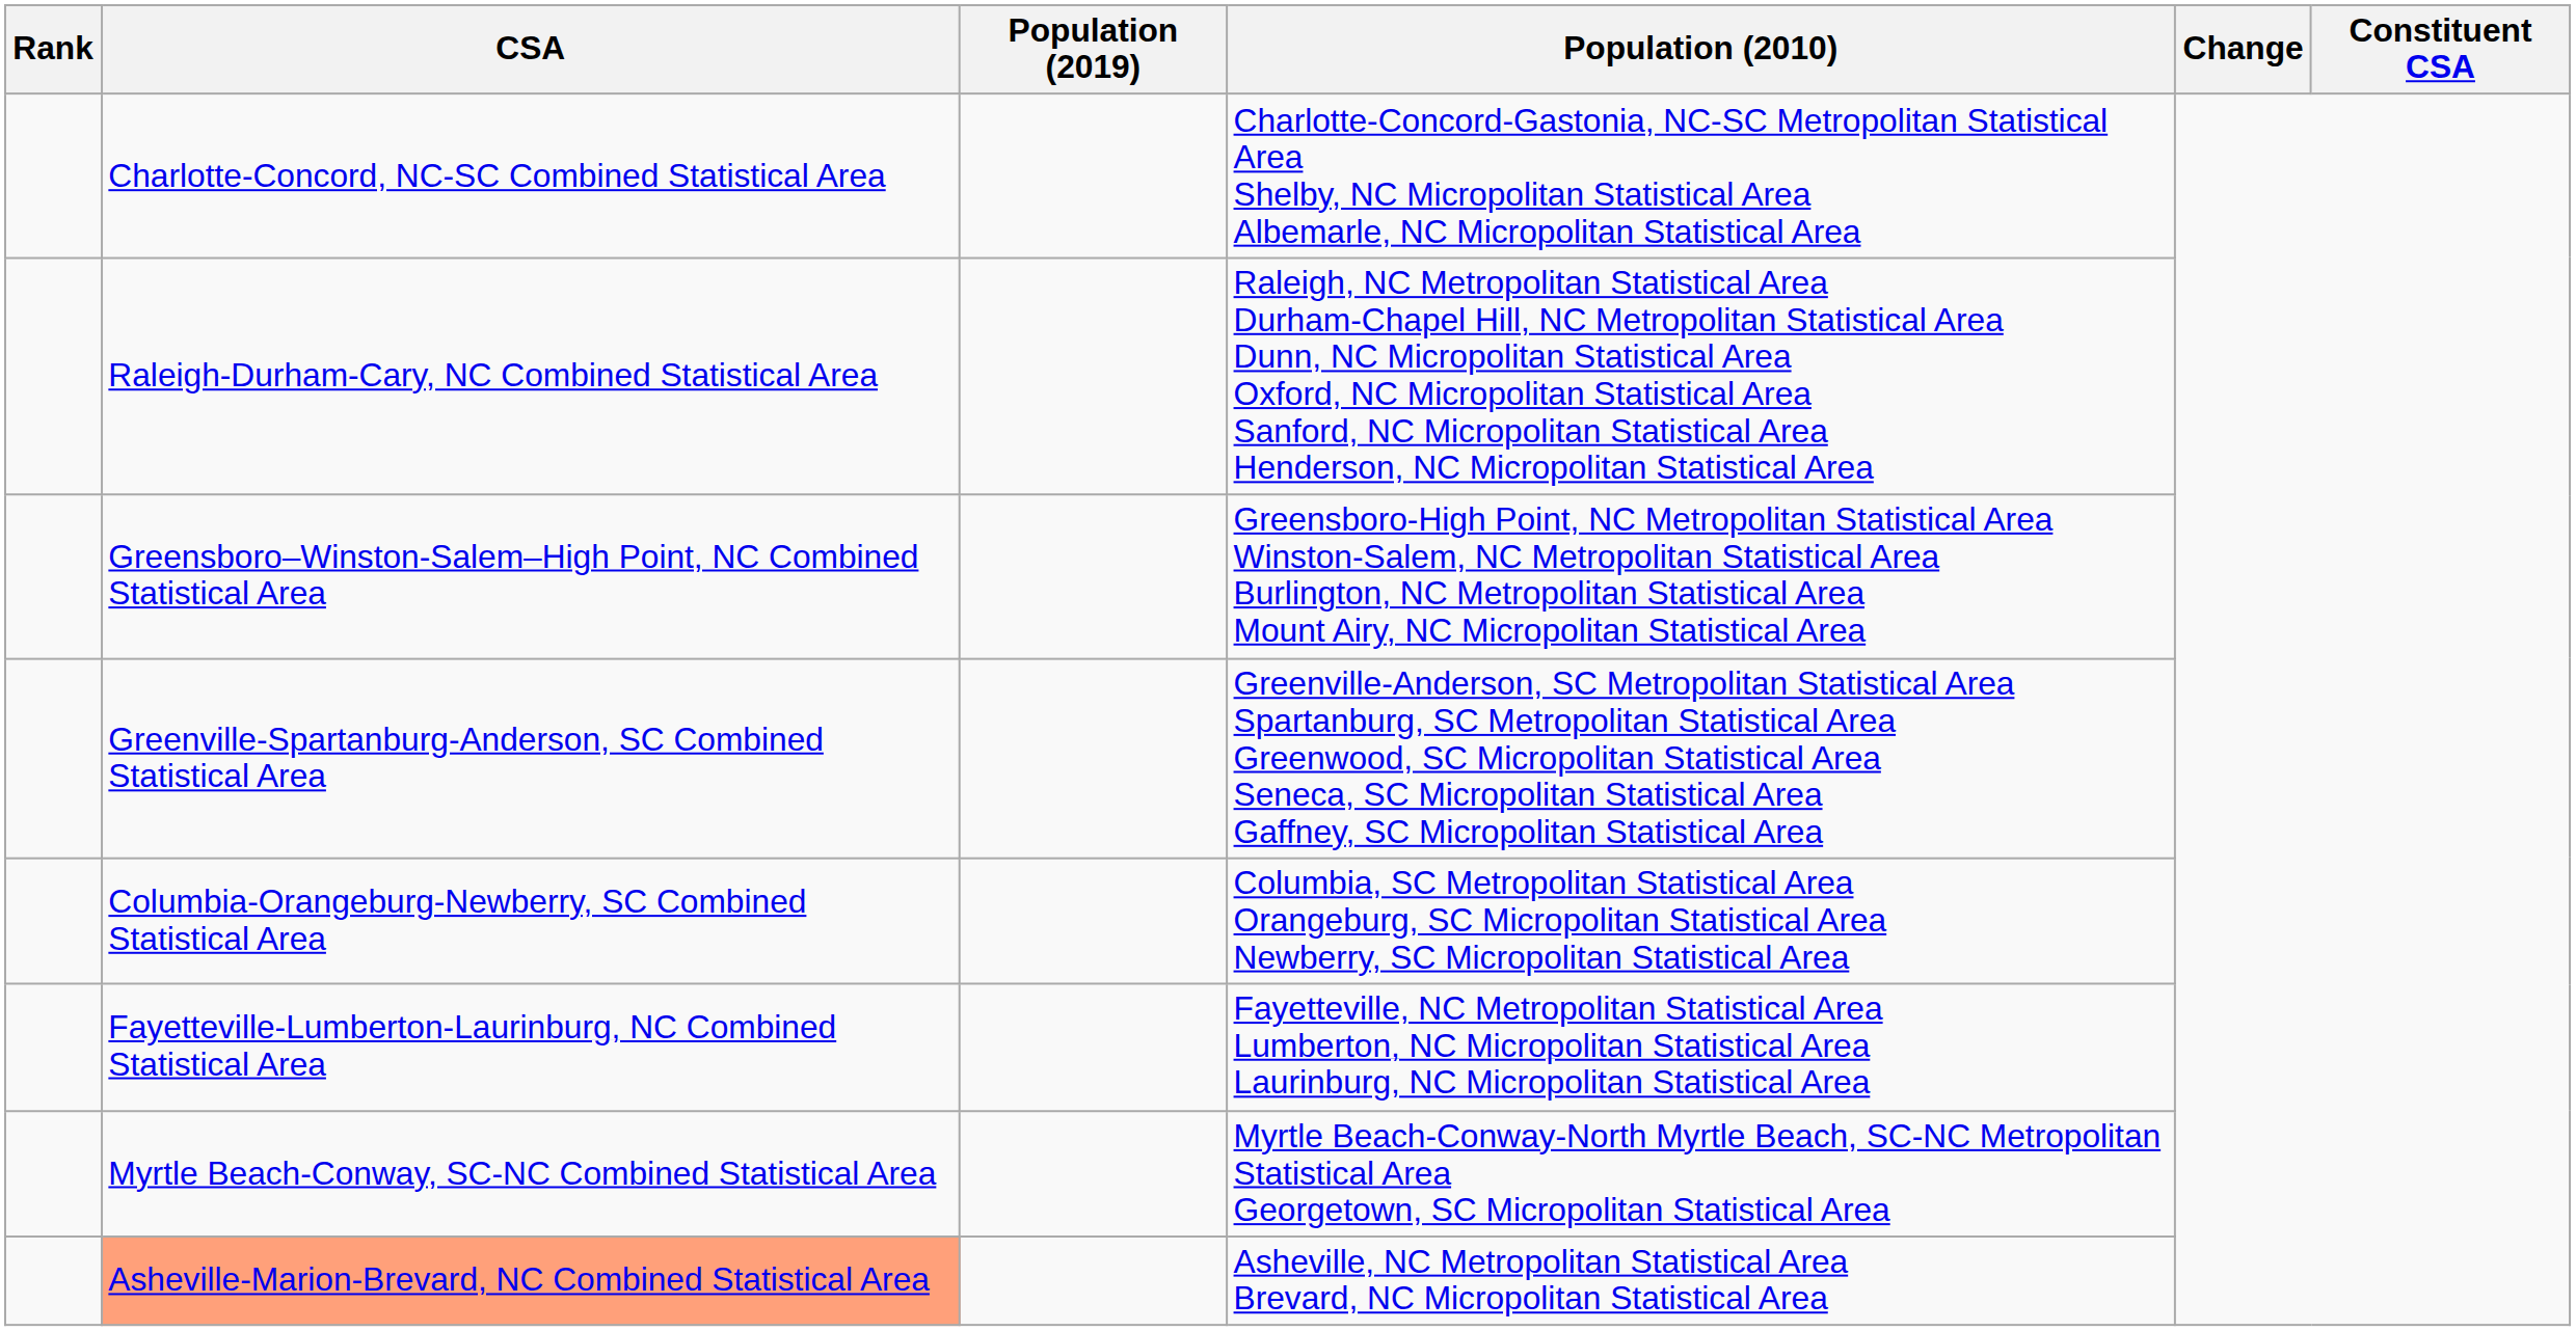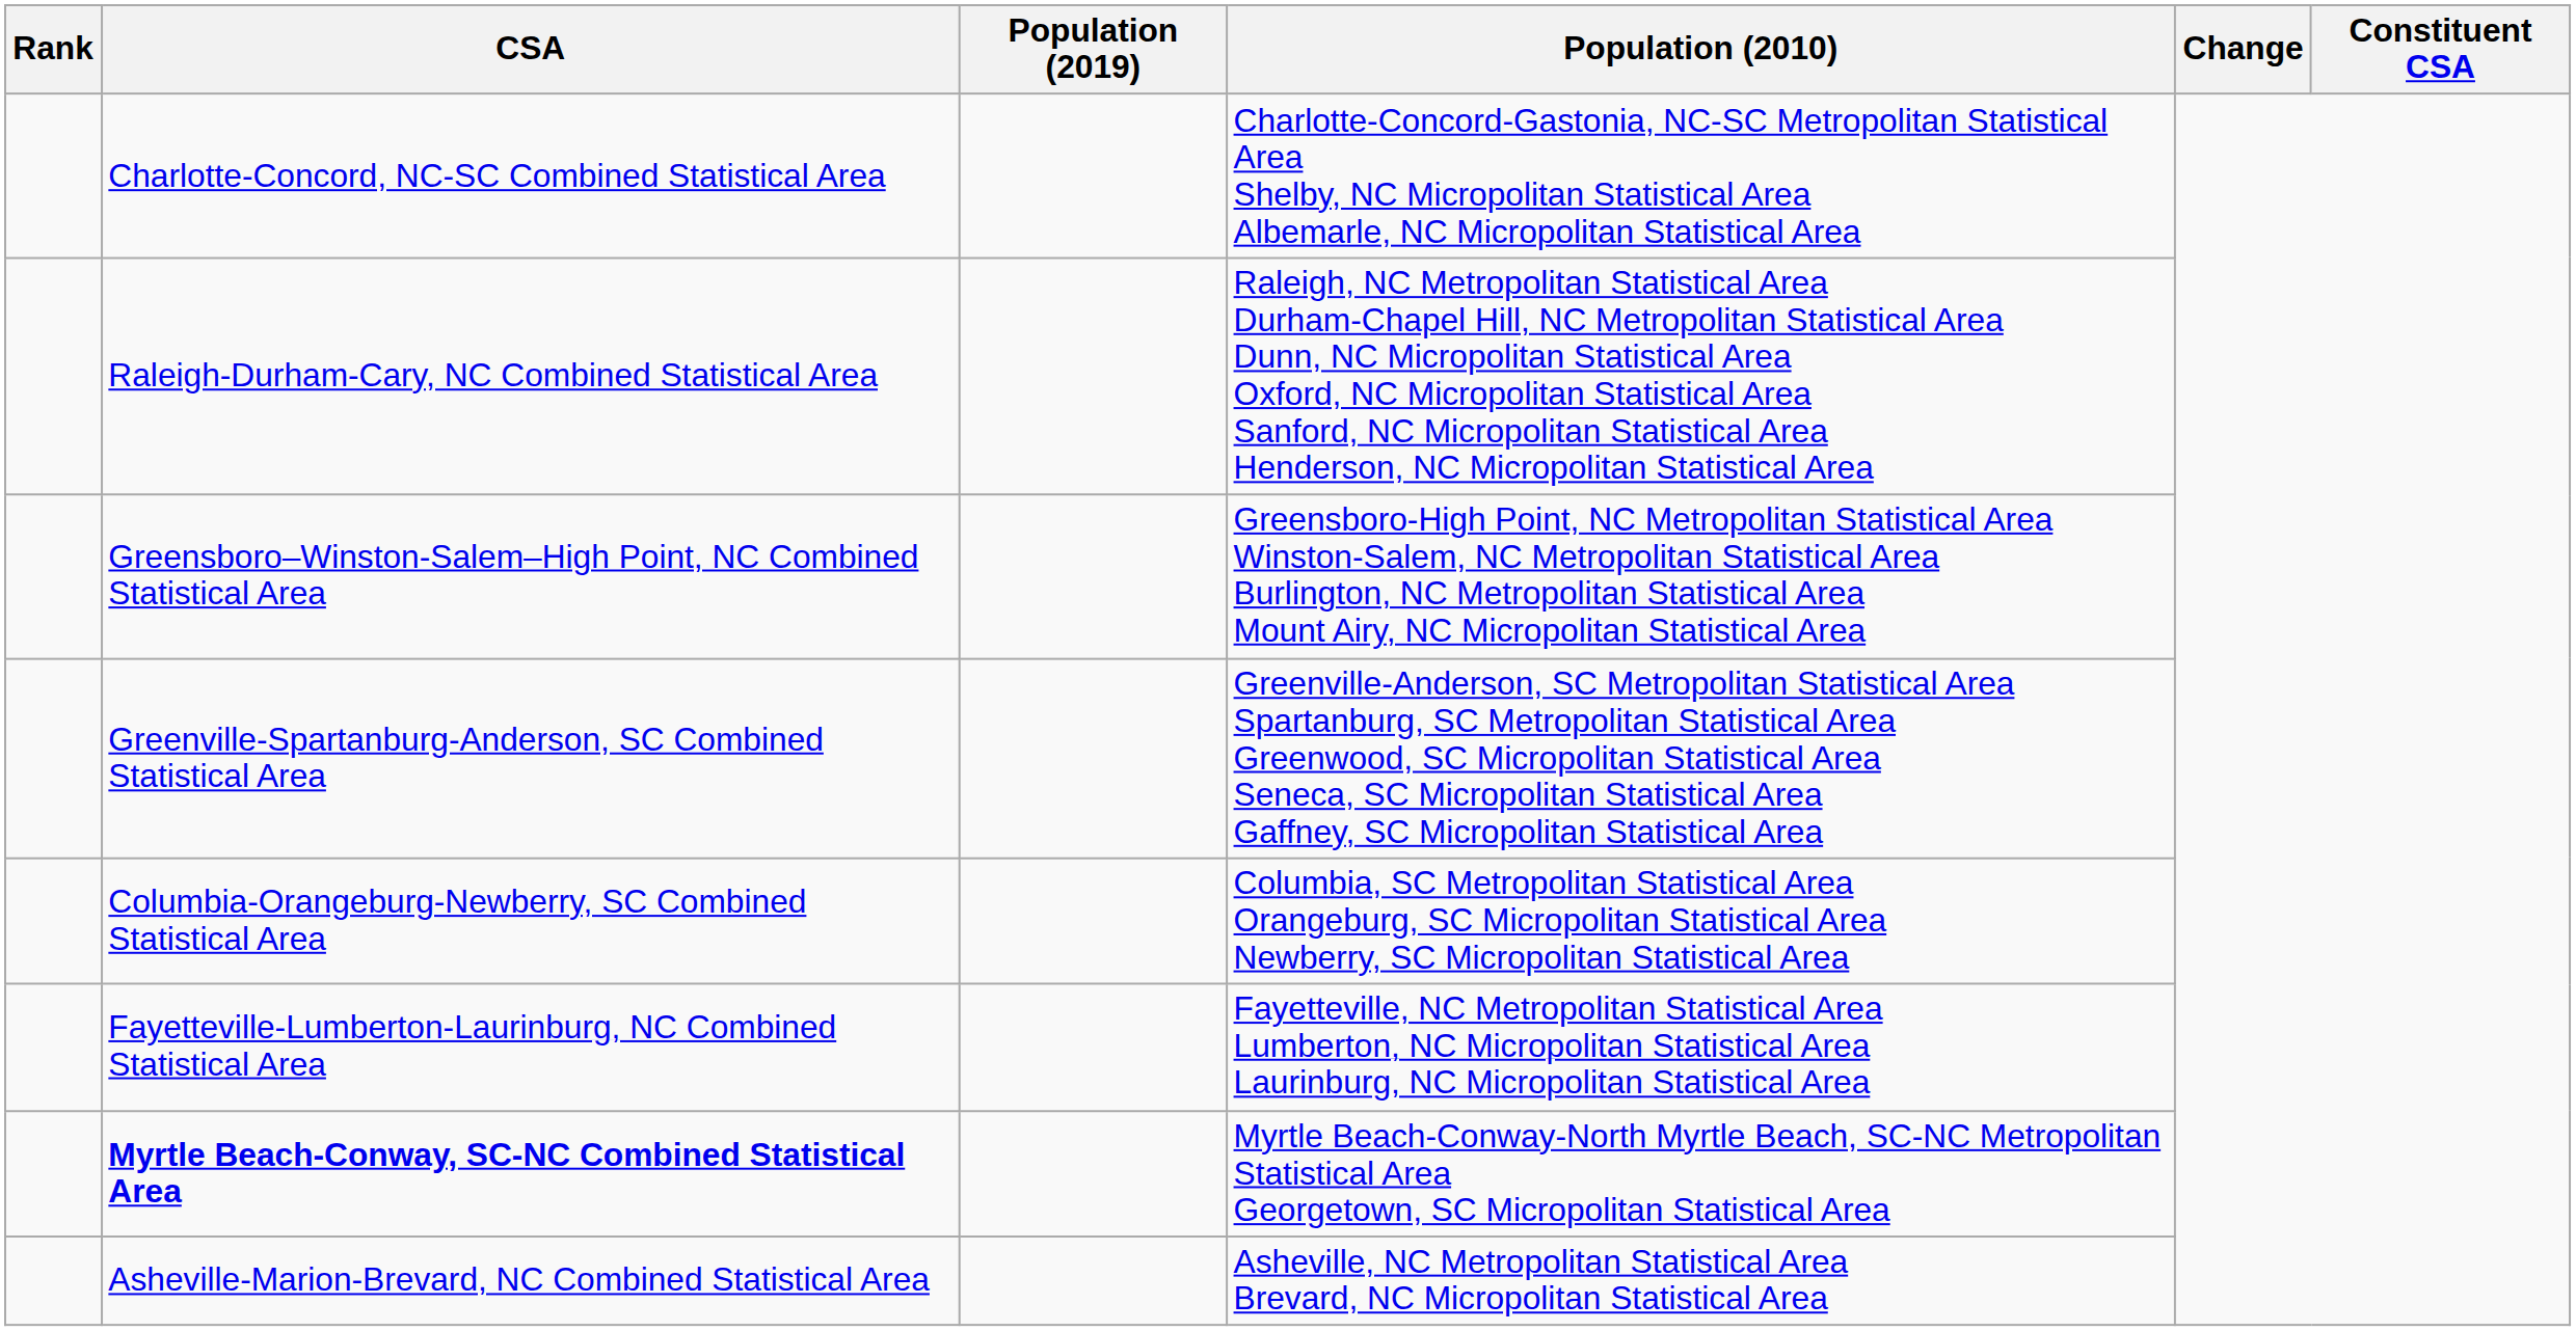 <table class="wikitable sortable">
 <tr>
 <th>Rank</th>
 <th>CSA</th>
 <th>Population (2019)</th>
 <th>Population (2010)</th>
 <th>Change</th>
 <th>Constituent <a href='#'>CSA</a></th>
 </tr>
 <tr>
 <td align=center></td>
 <td><a href='#'>Charlotte-Concord, NC-SC Combined Statistical Area</a></td>
 <td></td>
 <td><a href='#'>Charlotte-Concord-Gastonia, NC-SC Metropolitan Statistical Area</a><br><a href='#'>Shelby, NC Micropolitan Statistical Area</a><br><a href='#'>Albemarle, NC Micropolitan Statistical Area</a></td>
 </tr>
 <tr>
 <td align=center></td>
 <td><a href='#'>Raleigh-Durham-Cary, NC Combined Statistical Area</a></td>
 <td></td>
 <td><a href='#'>Raleigh, NC Metropolitan Statistical Area</a><br><a href='#'>Durham-Chapel Hill, NC Metropolitan Statistical Area</a><br><a href='#'>Dunn, NC Micropolitan Statistical Area</a><br><a href='#'>Oxford, NC Micropolitan Statistical Area</a><br><a href='#'>Sanford, NC Micropolitan Statistical Area</a><br><a href='#'>Henderson, NC Micropolitan Statistical Area</a></td>
 </tr>
 <tr>
 <td align=center></td>
 <td><a href='#'>Greensboro–Winston-Salem–High Point, NC Combined Statistical Area</a></td>
 <td></td>
 <td><a href='#'>Greensboro-High Point, NC Metropolitan Statistical Area</a><br><a href='#'>Winston-Salem, NC Metropolitan Statistical Area</a><br><a href='#'>Burlington, NC Metropolitan Statistical Area</a><br><a href='#'>Mount Airy, NC Micropolitan Statistical Area</a></td>
 </tr>
 <tr>
 <td align=center></td>
 <td><a href='#'>Greenville-Spartanburg-Anderson, SC Combined Statistical Area</a></td>
 <td></td>
 <td><a href='#'>Greenville-Anderson, SC Metropolitan Statistical Area</a><br><a href='#'>Spartanburg, SC Metropolitan Statistical Area</a><br><a href='#'>Greenwood, SC Micropolitan Statistical Area</a><br><a href='#'>Seneca, SC Micropolitan Statistical Area</a><br><a href='#'>Gaffney, SC Micropolitan Statistical Area</a></td>
 </tr>
 <tr>
 <td align=center></td>
 <td><a href='#'>Columbia-Orangeburg-Newberry, SC Combined Statistical Area</a></td>
 <td></td>
 <td><a href='#'>Columbia, SC Metropolitan Statistical Area</a><br><a href='#'>Orangeburg, SC Micropolitan Statistical Area</a><br><a href='#'>Newberry, SC Micropolitan Statistical Area</a></td>
 </tr>
 <tr>
 <td align=center></td>
 <td><a href='#'>Fayetteville-Lumberton-Laurinburg, NC Combined Statistical Area</a></td>
 <td></td>
 <td><a href='#'>Fayetteville, NC Metropolitan Statistical Area</a><br><a href='#'>Lumberton, NC Micropolitan Statistical Area</a><br><a href='#'>Laurinburg, NC Micropolitan Statistical Area</a></td>
 </tr>
 <tr>
 <td align=center></td>
-<td><a href='#'>Myrtle Beach-Conway, SC-NC Combined Statistical Area</a></td>
+<td><strong><a href='#'>Myrtle Beach-Conway, SC-NC Combined Statistical Area</a></strong></td>
 <td></td>
 <td><a href='#'>Myrtle Beach-Conway-North Myrtle Beach, SC-NC Metropolitan Statistical Area</a><br><a href='#'>Georgetown, SC Micropolitan Statistical Area</a></td>
 </tr>
 <tr>
 <td align=center></td>
-<td style="background: lightsalmon;"><a href='#'>Asheville-Marion-Brevard, NC Combined Statistical Area</a></td>
+<td><a href='#'>Asheville-Marion-Brevard, NC Combined Statistical Area</a></td>
 <td></td>
 <td><a href='#'>Asheville, NC Metropolitan Statistical Area</a><br><a href='#'>Brevard, NC Micropolitan Statistical Area</a></td>
 </tr>
 </table>
